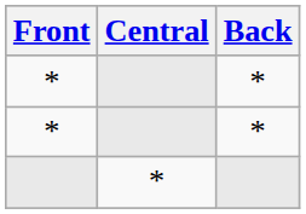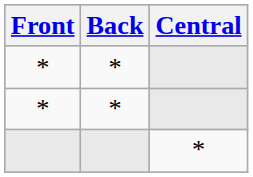 <table class="wikitable" style="text-align:center;">
 <tr>
 <th><a href='#'>Front</a></th>
+<th><a href='#'>Back</a></th>
 <th><a href='#'>Central</a></th>
-<th><a href='#'>Back</a></th>
 </tr>
 <tr>
 <td>*</td>
+<td>*</td>
+<td style="background:#e9e9e9;"></td>
+</tr>
+<tr>
+<td>*</td>
+<td>*</td>
+<td style="background:#e9e9e9;"></td>
+</tr>
+<tr>
+<td style="background:#e9e9e9;"></td>
 <td style="background:#e9e9e9;"></td>
 <td>*</td>
 </tr>
-<tr>
-<td>*</td>
-<td style="background:#e9e9e9;"></td>
-<td>*</td>
-</tr>
-<tr>
-<td style="background:#e9e9e9;"></td>
-<td>*</td>
-<td style="background:#e9e9e9;"></td>
-</tr>
 </table>
